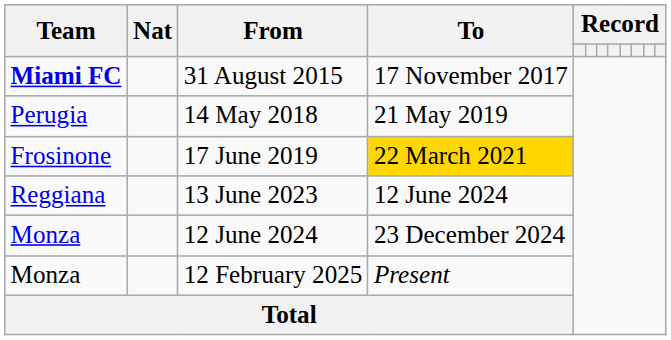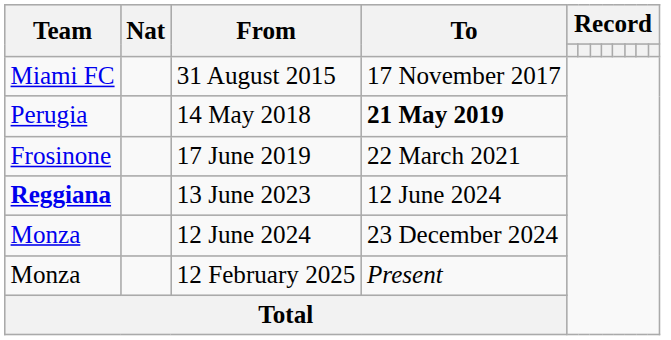 <table class=wikitable style="text-align: center">
 <tr>
 <th rowspan="2">Team</th>
 <th rowspan="2">Nat</th>
 <th rowspan="2">From</th>
 <th rowspan="2">To</th>
 <th colspan="8">Record</th>
 </tr>
 <tr>
 <th></th>
 <th></th>
 <th></th>
 <th></th>
 <th></th>
 <th></th>
 <th></th>
 <th></th>
 </tr>
 <tr>
-<td align=left><strong><a href='#'>Miami FC</a></strong></td>
+<td align=left><a href='#'>Miami FC</a></td>
 <td></td>
 <td align=left>31 August 2015</td>
 <td align=left>17 November 2017<br></td>
 </tr>
 <tr>
 <td align=left><a href='#'>Perugia</a></td>
 <td></td>
 <td align=left>14 May 2018</td>
-<td align=left>21 May 2019<br></td>
+<td align=left><strong>21 May 2019<br></strong></td>
 </tr>
 <tr>
 <td align=left><a href='#'>Frosinone</a></td>
 <td></td>
 <td align=left>17 June 2019</td>
-<td align=left style="background: gold;">22 March 2021<br></td>
+<td align=left>22 March 2021<br></td>
 </tr>
 <tr>
-<td align=left><a href='#'>Reggiana</a></td>
+<td align=left><strong><a href='#'>Reggiana</a></strong></td>
 <td></td>
 <td align=left>13 June 2023</td>
 <td align=left>12 June 2024<br></td>
 </tr>
 <tr>
 <td align=left><a href='#'>Monza</a></td>
 <td></td>
 <td align=left>12 June 2024</td>
 <td align=left>23 December 2024<br></td>
 </tr>
 <tr>
 <td align=left>Monza</td>
 <td></td>
 <td align=left>12 February 2025</td>
 <td align=left><em>Present</em><br></td>
 </tr>
 <tr>
 <th colspan=4>Total<br></th>
 </tr>
 </table>
